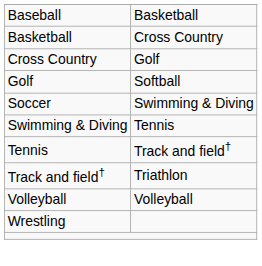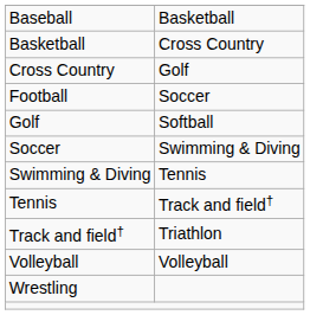 <table class="wikitable" style=" ">
 <tr>
 </tr>
 <tr>
 <td>Baseball</td>
 <td>Basketball</td>
 </tr>
 <tr>
 <td>Basketball</td>
 <td>Cross Country</td>
 </tr>
 <tr>
 <td>Cross Country</td>
 <td>Golf</td>
+</tr>
+<tr>
+<td>Football</td>
+<td>Soccer</td>
 </tr>
 <tr>
 <td>Golf</td>
 <td>Softball</td>
 </tr>
 <tr>
 <td>Soccer</td>
 <td>Swimming & Diving</td>
 </tr>
 <tr>
 <td>Swimming & Diving</td>
 <td>Tennis</td>
 </tr>
 <tr>
 <td>Tennis</td>
 <td>Track and field<sup>†</sup></td>
 </tr>
 <tr>
 <td>Track and field<sup>†</sup></td>
 <td>Triathlon</td>
 </tr>
 <tr>
 <td>Volleyball</td>
 <td>Volleyball</td>
 </tr>
 <tr>
 <td>Wrestling</td>
 <td></td>
 </tr>
 <tr>
 <td colspan="2"></td>
 </tr>
 </table>
